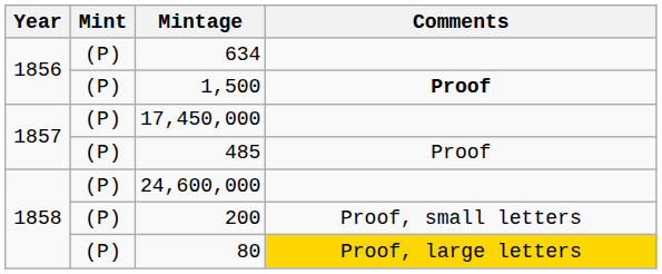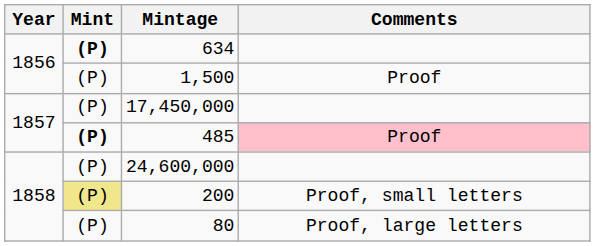 <table class="wikitable sortable" style="min-width:65%; text-align:center;">
 <tr>
 <th width="10%">Year</th>
 <th width="10%">Mint</th>
 <th width="20%">Mintage</th>
 <th width="60%">Comments</th>
 </tr>
 <tr>
 <td rowspan="2">1856</td>
-<td>(P)</td>
+<td><strong>(P)</strong></td>
 <td align="right">634</td>
 <td></td>
 </tr>
 <tr>
 <td>(P)</td>
 <td align="right">1,500</td>
-<td><strong>Proof</strong></td>
+<td>Proof</td>
 </tr>
 <tr>
 <td rowspan="2">1857</td>
 <td>(P)</td>
 <td align="right">17,450,000</td>
 <td></td>
 </tr>
 <tr>
-<td>(P)</td>
+<td><strong>(P)</strong></td>
 <td align="right">485</td>
-<td>Proof</td>
+<td style="background: pink;">Proof</td>
 </tr>
 <tr>
 <td rowspan="3">1858</td>
 <td>(P)</td>
 <td align="right">24,600,000</td>
 <td></td>
 </tr>
 <tr>
-<td>(P)</td>
+<td style="background: khaki;">(P)</td>
 <td align="right">200</td>
 <td>Proof, small letters</td>
 </tr>
 <tr>
 <td>(P)</td>
 <td align="right">80</td>
-<td style="background: gold;">Proof, large letters</td>
+<td>Proof, large letters</td>
 </tr>
 </table>
